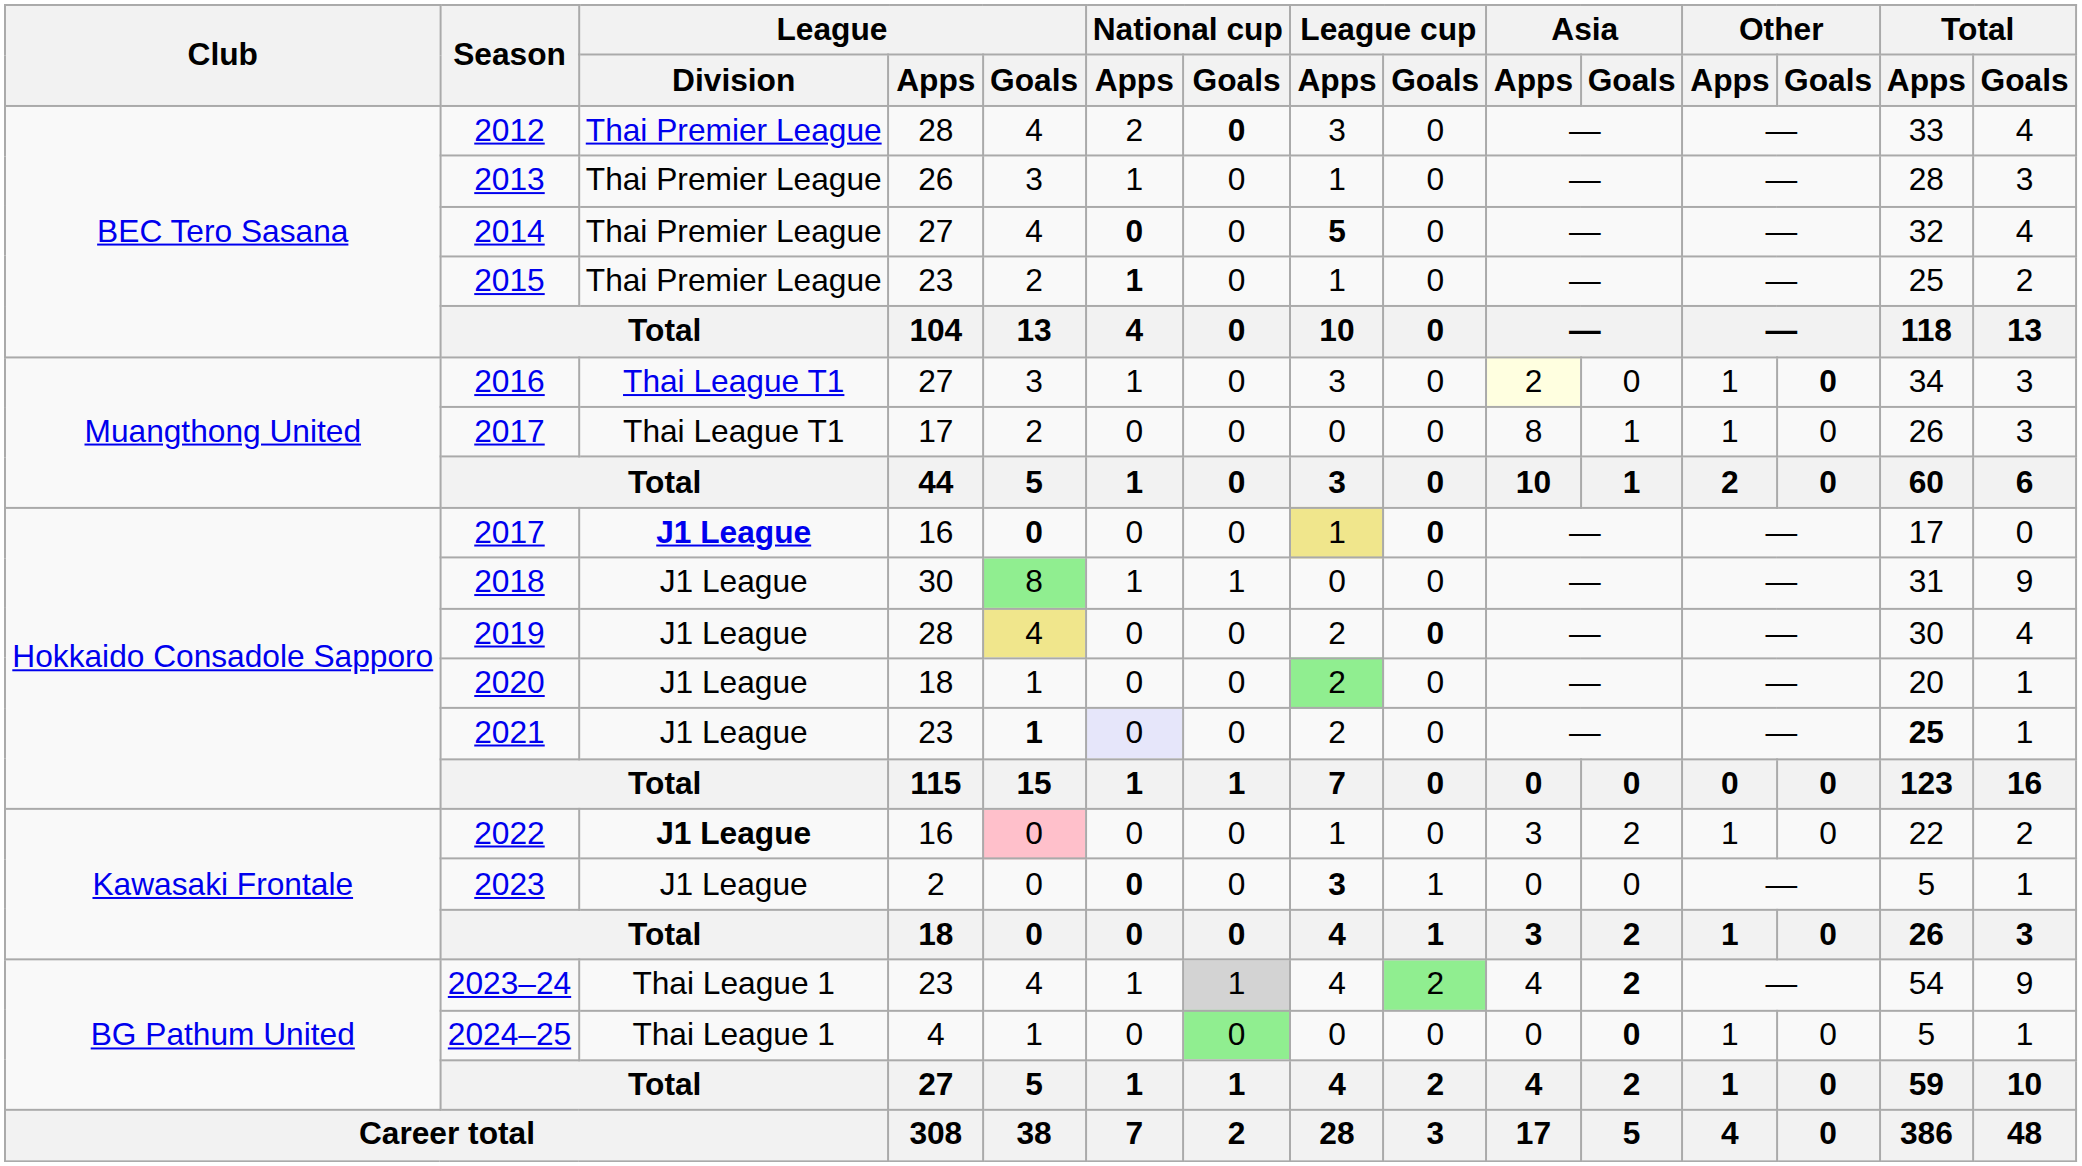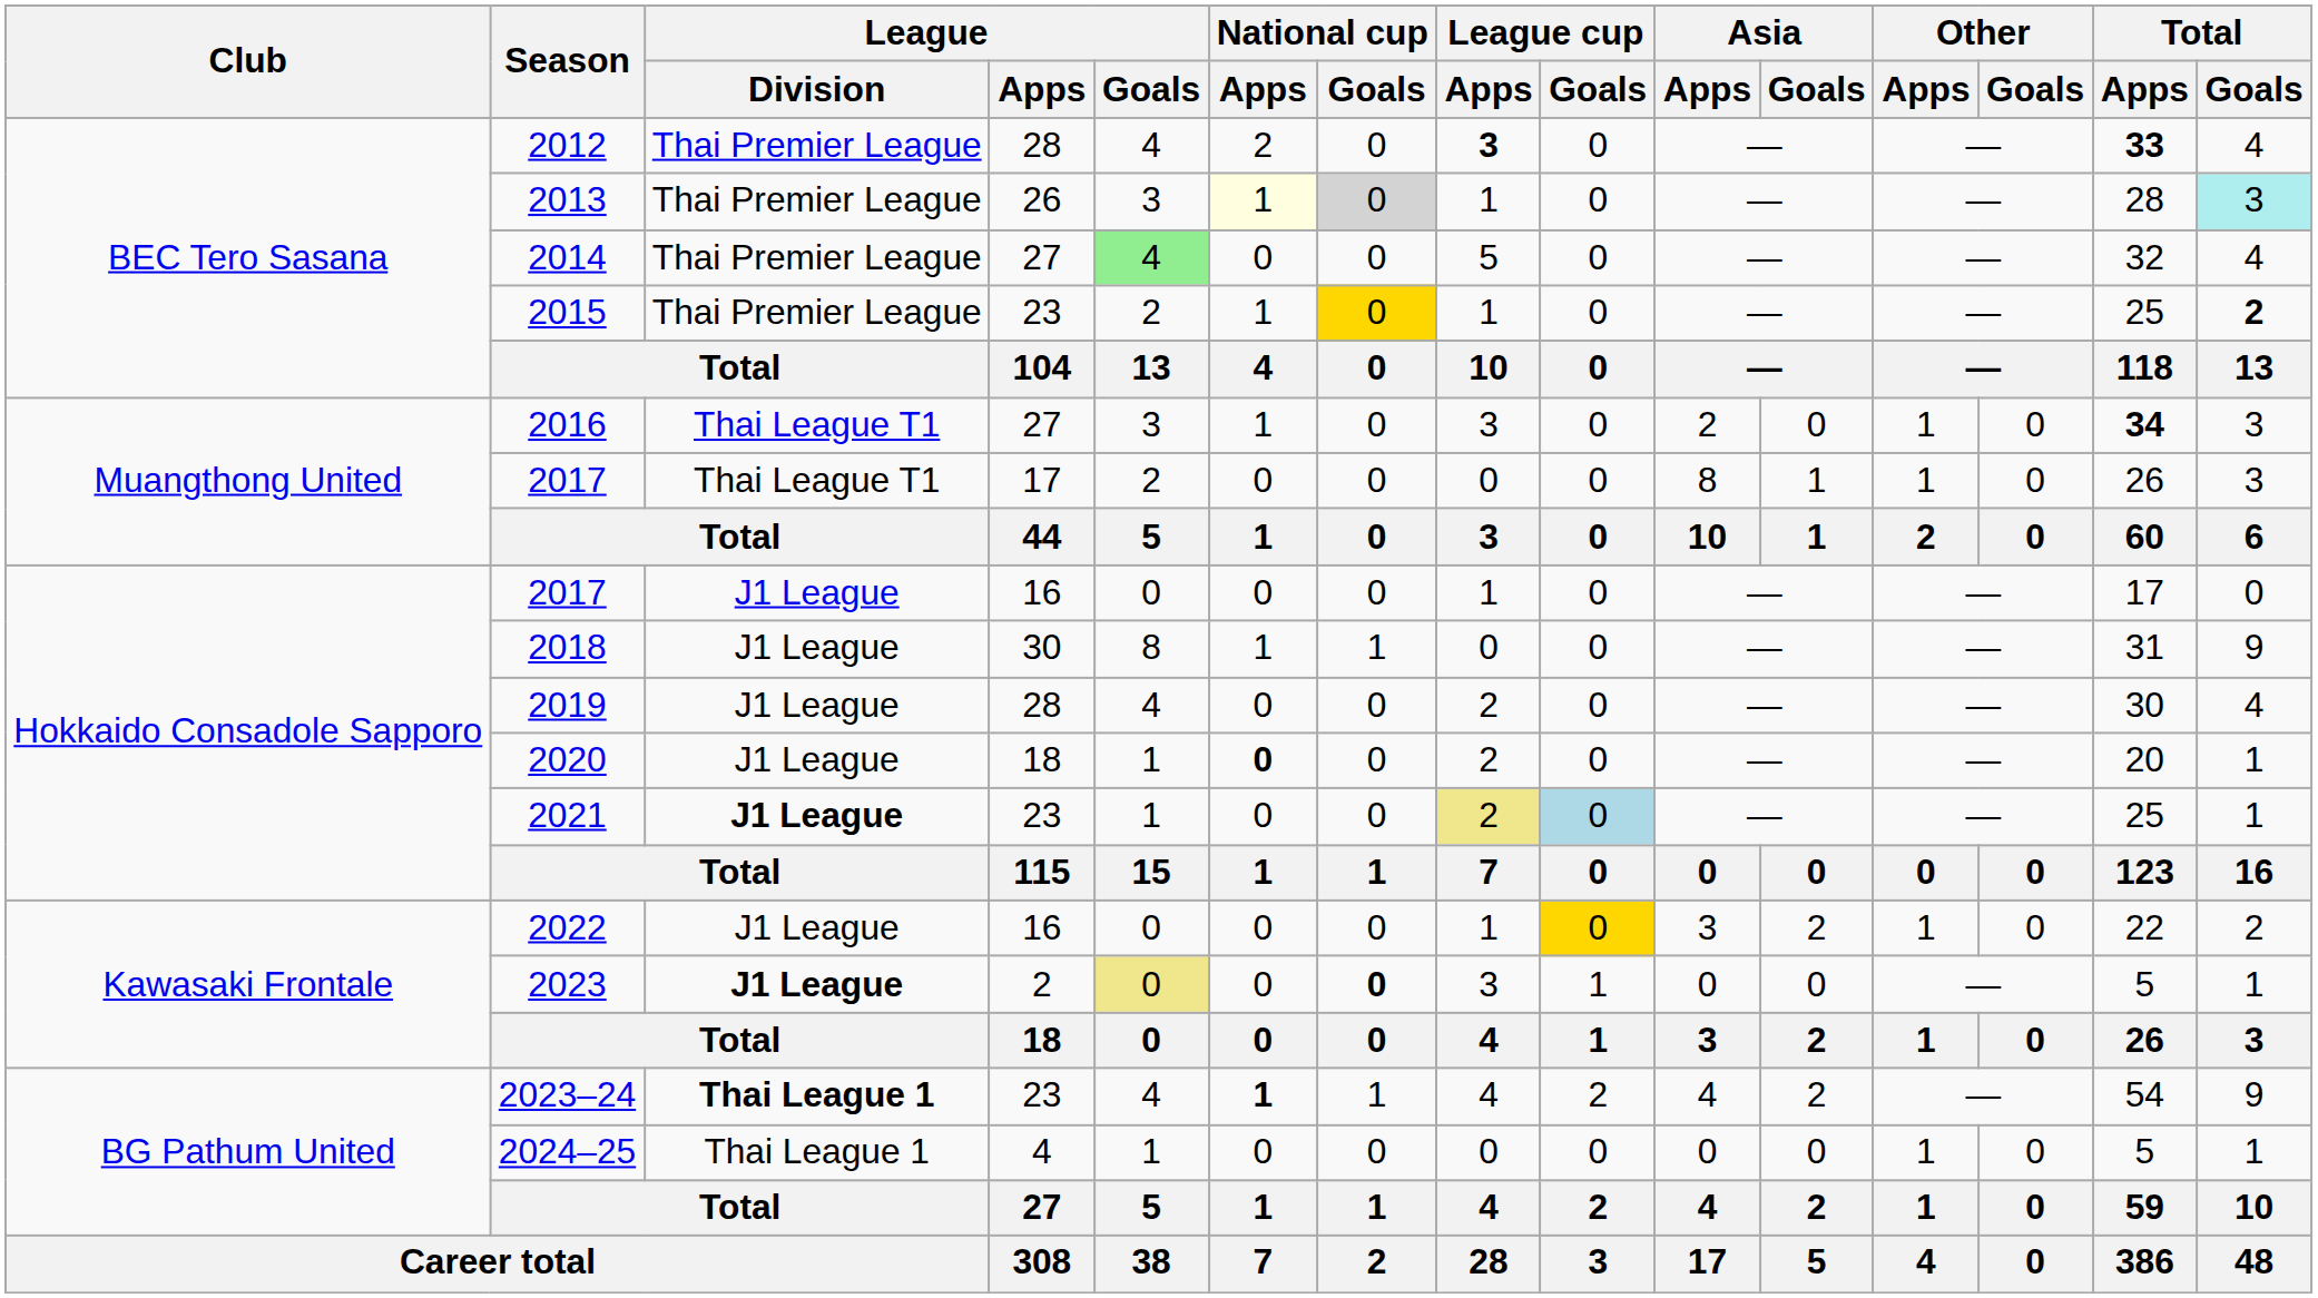 <table class="wikitable" style="text-align:center;">
 <tr>
 <th rowspan="2">Club</th>
 <th rowspan="2">Season</th>
 <th colspan="3">League</th>
 <th colspan="2">National cup</th>
 <th colspan="2">League cup</th>
 <th colspan="2">Asia</th>
 <th colspan="2">Other</th>
 <th colspan="2">Total</th>
 </tr>
 <tr>
 <th>Division</th>
 <th>Apps</th>
 <th>Goals</th>
 <th>Apps</th>
 <th>Goals</th>
 <th>Apps</th>
 <th>Goals</th>
 <th>Apps</th>
 <th>Goals</th>
 <th>Apps</th>
 <th>Goals</th>
 <th>Apps</th>
 <th>Goals</th>
 </tr>
 <tr>
 <td rowspan="5"><a href='#'>BEC Tero Sasana</a></td>
 <td><a href='#'>2012</a></td>
 <td><a href='#'>Thai Premier League</a></td>
 <td>28</td>
 <td>4</td>
 <td>2</td>
-<td><strong>0</strong></td>
-<td>3</td>
+<td>0</td>
+<td><strong>3</strong></td>
 <td>0</td>
 <td colspan="2">—</td>
 <td colspan="2">—</td>
-<td>33</td>
+<td><strong>33</strong></td>
 <td>4</td>
 </tr>
 <tr>
 <td><a href='#'>2013</a></td>
 <td>Thai Premier League</td>
 <td>26</td>
 <td>3</td>
-<td>1</td>
-<td>0</td>
+<td style="background: lightyellow;">1</td>
+<td style="background: lightgrey;">0</td>
 <td>1</td>
 <td>0</td>
 <td colspan="2">—</td>
 <td colspan="2">—</td>
 <td>28</td>
-<td>3</td>
+<td style="background: paleturquoise;">3</td>
 </tr>
 <tr>
 <td><a href='#'>2014</a></td>
 <td>Thai Premier League</td>
 <td>27</td>
-<td>4</td>
-<td><strong>0</strong></td>
+<td style="background: lightgreen;">4</td>
 <td>0</td>
-<td><strong>5</strong></td>
+<td>0</td>
+<td>5</td>
 <td>0</td>
 <td colspan="2">—</td>
 <td colspan="2">—</td>
 <td>32</td>
 <td>4</td>
 </tr>
 <tr>
 <td><a href='#'>2015</a></td>
 <td>Thai Premier League</td>
 <td>23</td>
 <td>2</td>
-<td><strong>1</strong></td>
-<td>0</td>
+<td>1</td>
+<td style="background: gold;">0</td>
 <td>1</td>
 <td>0</td>
 <td colspan="2">—</td>
 <td colspan="2">—</td>
 <td>25</td>
-<td>2</td>
+<td><strong>2</strong></td>
 </tr>
 <tr>
 <th colspan="2">Total</th>
 <th>104</th>
 <th>13</th>
 <th>4</th>
 <th>0</th>
 <th>10</th>
 <th>0</th>
 <th colspan="2">—</th>
 <th colspan="2">—</th>
 <th>118</th>
 <th>13</th>
 </tr>
 <tr>
 <td rowspan="3"><a href='#'>Muangthong United</a></td>
 <td><a href='#'>2016</a></td>
 <td><a href='#'>Thai League T1</a></td>
 <td>27</td>
 <td>3</td>
 <td>1</td>
 <td>0</td>
 <td>3</td>
 <td>0</td>
-<td style="background: lightyellow;">2</td>
+<td>2</td>
 <td>0</td>
 <td>1</td>
-<td><strong>0</strong></td>
-<td>34</td>
+<td>0</td>
+<td><strong>34</strong></td>
 <td>3</td>
 </tr>
 <tr>
 <td><a href='#'>2017</a></td>
 <td>Thai League T1</td>
 <td>17</td>
 <td>2</td>
 <td>0</td>
 <td>0</td>
 <td>0</td>
 <td>0</td>
 <td>8</td>
 <td>1</td>
 <td>1</td>
 <td>0</td>
 <td>26</td>
 <td>3</td>
 </tr>
 <tr>
 <th colspan="2">Total</th>
 <th>44</th>
 <th>5</th>
 <th>1</th>
 <th>0</th>
 <th>3</th>
 <th>0</th>
 <th>10</th>
 <th>1</th>
 <th>2</th>
 <th>0</th>
 <th>60</th>
 <th>6</th>
 </tr>
 <tr>
 <td rowspan="6"><a href='#'>Hokkaido Consadole Sapporo</a></td>
 <td><a href='#'>2017</a></td>
-<td><strong><a href='#'>J1 League</a></strong></td>
+<td><a href='#'>J1 League</a></td>
 <td>16</td>
-<td><strong>0</strong></td>
 <td>0</td>
 <td>0</td>
-<td style="background: khaki;">1</td>
-<td><strong>0</strong></td>
+<td>0</td>
+<td>1</td>
+<td>0</td>
 <td colspan="2">—</td>
 <td colspan="2">—</td>
 <td>17</td>
 <td>0</td>
 </tr>
 <tr>
 <td><a href='#'>2018</a></td>
 <td>J1 League</td>
 <td>30</td>
-<td style="background: lightgreen;">8</td>
+<td>8</td>
 <td>1</td>
 <td>1</td>
 <td>0</td>
 <td>0</td>
 <td colspan="2">—</td>
 <td colspan="2">—</td>
 <td>31</td>
 <td>9</td>
 </tr>
 <tr>
 <td><a href='#'>2019</a></td>
 <td>J1 League</td>
 <td>28</td>
-<td style="background: khaki;">4</td>
+<td>4</td>
 <td>0</td>
 <td>0</td>
 <td>2</td>
-<td><strong>0</strong></td>
+<td>0</td>
 <td colspan="2">—</td>
 <td colspan="2">—</td>
 <td>30</td>
 <td>4</td>
 </tr>
 <tr>
 <td><a href='#'>2020</a></td>
 <td>J1 League</td>
 <td>18</td>
 <td>1</td>
+<td><strong>0</strong></td>
 <td>0</td>
-<td>0</td>
-<td style="background: lightgreen;">2</td>
+<td>2</td>
 <td>0</td>
 <td colspan="2">—</td>
 <td colspan="2">—</td>
 <td>20</td>
 <td>1</td>
 </tr>
 <tr>
 <td><a href='#'>2021</a></td>
-<td>J1 League</td>
+<td><strong>J1 League</strong></td>
 <td>23</td>
-<td><strong>1</strong></td>
-<td style="background: lavender;">0</td>
+<td>1</td>
 <td>0</td>
-<td>2</td>
 <td>0</td>
+<td style="background: khaki;">2</td>
+<td style="background: lightblue;">0</td>
 <td colspan="2">—</td>
 <td colspan="2">—</td>
-<td><strong>25</strong></td>
+<td>25</td>
 <td>1</td>
 </tr>
 <tr>
 <th colspan="2">Total</th>
 <th>115</th>
 <th>15</th>
 <th>1</th>
 <th>1</th>
 <th>7</th>
 <th>0</th>
 <th>0</th>
 <th>0</th>
 <th>0</th>
 <th>0</th>
 <th>123</th>
 <th>16</th>
 </tr>
 <tr>
 <td rowspan="3"><a href='#'>Kawasaki Frontale</a></td>
 <td><a href='#'>2022</a></td>
-<td><strong>J1 League</strong></td>
+<td>J1 League</td>
 <td>16</td>
-<td style="background: pink;">0</td>
+<td>0</td>
 <td>0</td>
 <td>0</td>
 <td>1</td>
-<td>0</td>
+<td style="background: gold;">0</td>
 <td>3</td>
 <td>2</td>
 <td>1</td>
 <td>0</td>
 <td>22</td>
 <td>2</td>
 </tr>
 <tr>
 <td><a href='#'>2023</a></td>
-<td>J1 League</td>
+<td><strong>J1 League</strong></td>
 <td>2</td>
+<td style="background: khaki;">0</td>
 <td>0</td>
 <td><strong>0</strong></td>
-<td>0</td>
-<td><strong>3</strong></td>
+<td>3</td>
 <td>1</td>
 <td>0</td>
 <td>0</td>
 <td colspan=2>—</td>
 <td>5</td>
 <td>1</td>
 </tr>
 <tr>
 <th colspan="2">Total</th>
 <th>18</th>
 <th>0</th>
 <th>0</th>
 <th>0</th>
 <th>4</th>
 <th>1</th>
 <th>3</th>
 <th>2</th>
 <th>1</th>
 <th>0</th>
 <th>26</th>
 <th>3</th>
 </tr>
 <tr>
 <td rowspan="3"><a href='#'>BG Pathum United</a></td>
 <td><a href='#'>2023–24</a></td>
-<td>Thai League 1</td>
+<td><strong>Thai League 1</strong></td>
 <td>23</td>
 <td>4</td>
+<td><strong>1</strong></td>
 <td>1</td>
-<td style="background: lightgrey;">1</td>
 <td>4</td>
-<td style="background: lightgreen;">2</td>
+<td>2</td>
 <td>4</td>
-<td><strong>2</strong></td>
+<td>2</td>
 <td colspan=2>—</td>
 <td>54</td>
 <td>9</td>
 </tr>
 <tr>
 <td><a href='#'>2024–25</a></td>
 <td>Thai League 1</td>
 <td>4</td>
 <td>1</td>
 <td>0</td>
-<td style="background: lightgreen;">0</td>
 <td>0</td>
 <td>0</td>
 <td>0</td>
-<td><strong>0</strong></td>
+<td>0</td>
+<td>0</td>
 <td>1</td>
 <td>0</td>
 <td>5</td>
 <td>1</td>
 </tr>
 <tr>
 <th colspan="2">Total</th>
 <th>27</th>
 <th>5</th>
 <th>1</th>
 <th>1</th>
 <th>4</th>
 <th>2</th>
 <th>4</th>
 <th>2</th>
 <th>1</th>
 <th>0</th>
 <th>59</th>
 <th>10</th>
 </tr>
 <tr>
 <th colspan="3">Career total</th>
 <th>308</th>
 <th>38</th>
 <th>7</th>
 <th>2</th>
 <th>28</th>
 <th>3</th>
 <th>17</th>
 <th>5</th>
 <th>4</th>
 <th>0</th>
 <th>386</th>
 <th>48</th>
 </tr>
 </table>
